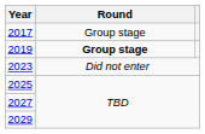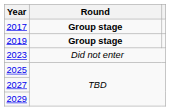 <table class="wikitable" style="text-align: center; font-size:90%">
 <tr>
 <th>Year</th>
 <th style="width:200px">Round</th>
 <th></th>
 </tr>
 <tr>
 <td><a href='#'>2017</a></td>
-<td>Group stage</td>
+<td><strong>Group stage</strong></td>
 <td></td>
 </tr>
 <tr>
 <td><a href='#'>2019</a></td>
 <td><strong>Group stage</strong></td>
 <td></td>
 </tr>
 <tr>
 <td><a href='#'>2023</a></td>
 <td colspan="2"><em>Did not enter</em></td>
 </tr>
 <tr>
 <td><a href='#'>2025</a></td>
 <td colspan="2" rowspan="3"><em>TBD</em></td>
 </tr>
 <tr>
 <td><a href='#'>2027</a></td>
 </tr>
 <tr>
 <td><a href='#'>2029</a></td>
 </tr>
 </table>
